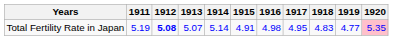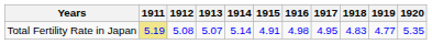 <table class="wikitable " style="text-align:right">
 <tr>
 <th>Years</th>
 <th>1911</th>
 <th>1912</th>
 <th>1913</th>
 <th>1914</th>
 <th>1915</th>
 <th>1916</th>
 <th>1917</th>
 <th>1918</th>
 <th>1919</th>
 <th>1920</th>
 </tr>
 <tr>
 <td align="left">Total Fertility Rate in Japan</td>
-<td style="text-align:right; color:blue;">5.19</td>
-<td style="text-align:right; color:blue;"><strong>5.08</strong></td>
+<td style="background: khaki; text-align:right; color:blue;">5.19</td>
+<td style="text-align:right; color:blue;">5.08</td>
 <td style="text-align:right; color:blue;">5.07</td>
 <td style="text-align:right; color:blue;">5.14</td>
 <td style="text-align:right; color:blue;">4.91</td>
 <td style="text-align:right; color:blue;">4.98</td>
 <td style="text-align:right; color:blue;">4.95</td>
 <td style="text-align:right; color:blue;">4.83</td>
 <td style="text-align:right; color:blue;">4.77</td>
-<td style="background: pink; text-align:right; color:blue;">5.35</td>
+<td style="text-align:right; color:blue;">5.35</td>
 </tr>
 </table>
